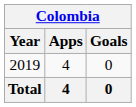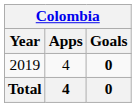 <table class="wikitable" style="text-align:center">
 <tr>
 <th colspan=3><a href='#'>Colombia</a></th>
 </tr>
 <tr>
 <th>Year</th>
 <th>Apps</th>
 <th>Goals</th>
 </tr>
 <tr>
 <td>2019</td>
 <td>4</td>
-<td>0</td>
+<td><strong>0</strong></td>
 </tr>
 <tr>
 <th>Total</th>
 <th>4</th>
 <th>0</th>
 </tr>
 </table>
